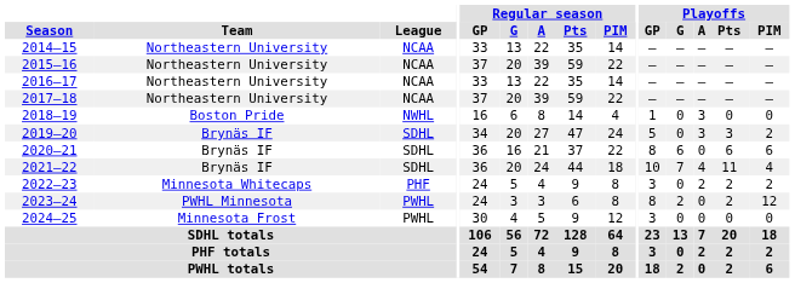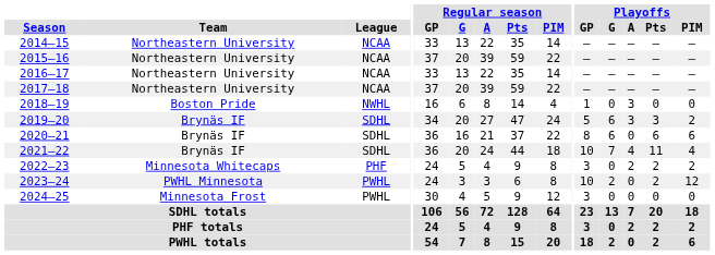 <table border="0" cellpadding="1" cellspacing="0" style="text-align:center; width:60em">
 <tr bgcolor="#e0e0e0">
 <th colspan="3" bgcolor="#ffffff"></th>
 <th rowspan="97" bgcolor="#ffffff"></th>
 <th colspan="5"><a href='#'>Regular season</a></th>
 <th rowspan="97" bgcolor="#ffffff"></th>
 <th colspan="5"><a href='#'>Playoffs</a></th>
 </tr>
 <tr bgcolor="#e0e0e0">
 <th><a href='#'>Season</a></th>
 <th>Team</th>
 <th>League</th>
 <th>GP</th>
 <th><a href='#'>G</a></th>
 <th><a href='#'>A</a></th>
 <th><a href='#'>Pts</a></th>
 <th><a href='#'>PIM</a></th>
 <th>GP</th>
 <th>G</th>
 <th>A</th>
 <th>Pts</th>
 <th>PIM</th>
 </tr>
 <tr>
 <td><a href='#'>2014–15</a></td>
 <td><a href='#'>Northeastern University</a></td>
 <td><a href='#'>NCAA</a></td>
 <td>33</td>
 <td>13</td>
 <td>22</td>
 <td>35</td>
 <td>14</td>
 <td>—</td>
 <td>—</td>
 <td>—</td>
 <td>—</td>
 <td>—</td>
 </tr>
 <tr bgcolor="#f0f0f0">
 <td><a href='#'>2015–16</a></td>
 <td>Northeastern University</td>
 <td>NCAA</td>
 <td>37</td>
 <td>20</td>
 <td>39</td>
 <td>59</td>
 <td>22</td>
 <td>—</td>
 <td>—</td>
 <td>—</td>
 <td>—</td>
 <td>—</td>
 </tr>
 <tr>
 <td><a href='#'>2016–17</a></td>
 <td>Northeastern University</td>
 <td>NCAA</td>
 <td>33</td>
 <td>13</td>
 <td>22</td>
 <td>35</td>
 <td>14</td>
 <td>—</td>
 <td>—</td>
 <td>—</td>
 <td>—</td>
 <td>—</td>
 </tr>
 <tr bgcolor="#f0f0f0">
 <td><a href='#'>2017–18</a></td>
 <td>Northeastern University</td>
 <td>NCAA</td>
 <td>37</td>
 <td>20</td>
 <td>39</td>
 <td>59</td>
 <td>22</td>
 <td>—</td>
 <td>—</td>
 <td>—</td>
 <td>—</td>
 <td>—</td>
 </tr>
 <tr>
 <td><a href='#'>2018–19</a></td>
 <td><a href='#'>Boston Pride</a></td>
 <td><a href='#'>NWHL</a></td>
 <td>16</td>
 <td>6</td>
 <td>8</td>
 <td>14</td>
 <td>4</td>
 <td>1</td>
 <td>0</td>
 <td>3</td>
 <td>0</td>
 <td>0</td>
 </tr>
 <tr bgcolor="#f0f0f0">
 <td><a href='#'>2019–20</a></td>
 <td><a href='#'>Brynäs IF</a></td>
 <td><a href='#'>SDHL</a></td>
 <td>34</td>
 <td>20</td>
 <td>27</td>
 <td>47</td>
 <td>24</td>
 <td>5</td>
-<td>0</td>
+<td>6</td>
 <td>3</td>
 <td>3</td>
 <td>2</td>
 </tr>
 <tr>
 <td><a href='#'>2020–21</a></td>
 <td>Brynäs IF</td>
 <td>SDHL</td>
 <td>36</td>
 <td>16</td>
 <td>21</td>
 <td>37</td>
 <td>22</td>
 <td>8</td>
 <td>6</td>
 <td>0</td>
 <td>6</td>
 <td>6</td>
 </tr>
 <tr bgcolor="#f0f0f0">
 <td><a href='#'>2021–22</a></td>
 <td>Brynäs IF</td>
 <td>SDHL</td>
 <td>36</td>
 <td>20</td>
 <td>24</td>
 <td>44</td>
 <td>18</td>
 <td>10</td>
 <td>7</td>
 <td>4</td>
 <td>11</td>
 <td>4</td>
 </tr>
 <tr>
 <td><a href='#'>2022–23</a></td>
 <td><a href='#'>Minnesota Whitecaps</a></td>
 <td><a href='#'>PHF</a></td>
 <td>24</td>
 <td>5</td>
 <td>4</td>
 <td>9</td>
 <td>8</td>
 <td>3</td>
 <td>0</td>
 <td>2</td>
 <td>2</td>
 <td>2</td>
 </tr>
 <tr bgcolor="#f0f0f0">
 <td><a href='#'>2023–24</a></td>
 <td><a href='#'>PWHL Minnesota</a></td>
 <td><a href='#'>PWHL</a></td>
 <td>24</td>
 <td>3</td>
 <td>3</td>
 <td>6</td>
 <td>8</td>
-<td>8</td>
+<td>10</td>
 <td>2</td>
 <td>0</td>
 <td>2</td>
 <td>12</td>
 </tr>
 <tr>
 <td><a href='#'>2024–25</a></td>
 <td><a href='#'>Minnesota Frost</a></td>
 <td>PWHL</td>
 <td>30</td>
 <td>4</td>
 <td>5</td>
 <td>9</td>
 <td>12</td>
 <td>3</td>
 <td>0</td>
 <td>0</td>
 <td>0</td>
 <td>0</td>
 </tr>
 <tr bgcolor="#e0e0e0">
 <th colspan="3">SDHL totals</th>
 <th>106</th>
 <th>56</th>
 <th>72</th>
 <th>128</th>
 <th>64</th>
 <th>23</th>
 <th>13</th>
 <th>7</th>
 <th>20</th>
 <th>18</th>
 </tr>
 <tr bgcolor="#e0e0e0">
 <th colspan="3">PHF totals</th>
 <th>24</th>
 <th>5</th>
 <th>4</th>
 <th>9</th>
 <th>8</th>
 <th>3</th>
 <th>0</th>
 <th>2</th>
 <th>2</th>
 <th>2</th>
 </tr>
 <tr bgcolor="#e0e0e0">
 <th colspan="3">PWHL totals</th>
 <th>54</th>
 <th>7</th>
 <th>8</th>
 <th>15</th>
 <th>20</th>
 <th>18</th>
 <th>2</th>
 <th>0</th>
 <th>2</th>
 <th>6</th>
 </tr>
 </table>
